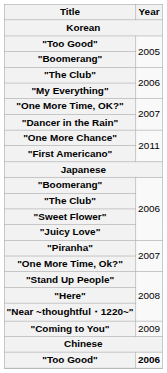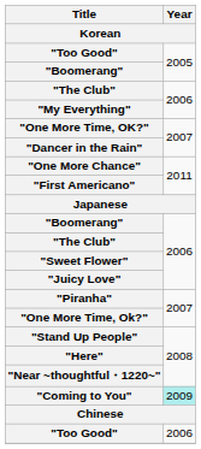 <table class="wikitable plainrowheaders" style="text-align:center">
 <tr>
 <th scope="col">Title</th>
 <th scope="col">Year</th>
 </tr>
 <tr>
 <th colspan="6">Korean</th>
 </tr>
 <tr>
 <th scope="row">"Too Good"</th>
 <td rowspan="2">2005</td>
 </tr>
 <tr>
 <th scope="row">"Boomerang"</th>
 </tr>
 <tr>
 <th scope="row">"The Club"</th>
 <td rowspan="2">2006</td>
 </tr>
 <tr>
 <th scope="row">"My Everything"</th>
 </tr>
 <tr>
 <th scope="row">"One More Time, OK?"</th>
 <td rowspan="2">2007</td>
 </tr>
 <tr>
 <th scope="row">"Dancer in the Rain"</th>
 </tr>
 <tr>
 <th scope="row">"One More Chance"<br></th>
 <td rowspan="2">2011</td>
 </tr>
 <tr>
 <th scope="row">"First Americano"<br></th>
 </tr>
 <tr>
 <th colspan="6">Japanese</th>
 </tr>
 <tr>
 <th scope="row">"Boomerang"</th>
 <td rowspan="4">2006</td>
 </tr>
 <tr>
 <th scope="row">"The Club"</th>
 </tr>
 <tr>
 <th scope="row">"Sweet Flower"</th>
 </tr>
 <tr>
 <th scope="row">"Juicy Love"</th>
 </tr>
 <tr>
 <th scope="row">"Piranha"</th>
 <td rowspan="2">2007</td>
 </tr>
 <tr>
 <th scope="row">"One More Time, Ok?"</th>
 </tr>
 <tr>
 <th scope="row">"Stand Up People"</th>
 <td rowspan="3">2008</td>
 </tr>
 <tr>
 <th scope="row">"Here"</th>
 </tr>
 <tr>
 <th scope="row">"Near ~thoughtful・1220~"</th>
 </tr>
 <tr>
 <th scope="row">"Coming to You"</th>
-<td>2009</td>
+<td style="background: paleturquoise;">2009</td>
 </tr>
 <tr>
 <th colspan="6">Chinese</th>
 </tr>
 <tr>
 <th scope="row">"Too Good"</th>
-<td><strong>2006</strong></td>
+<td>2006</td>
 </tr>
 <tr>
 </tr>
 </table>
